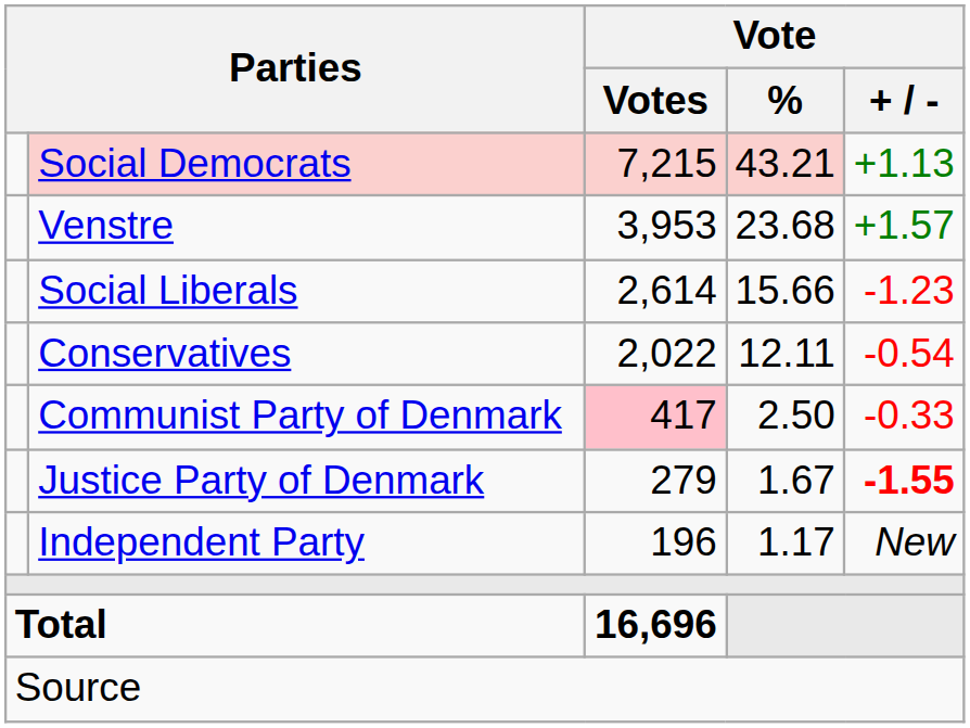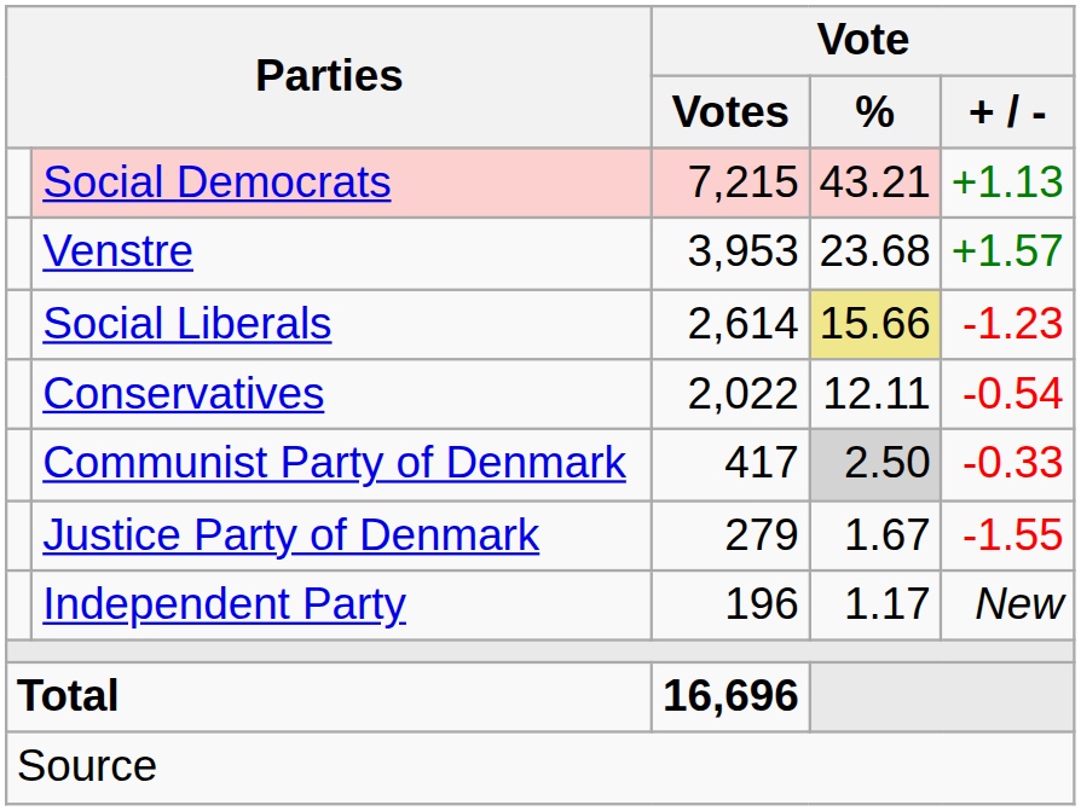 <table class="wikitable" style="text-align:right;">
 <tr>
 <th style="text-align:centre;" rowspan="2" colspan="2" width="225">Parties</th>
 <th colspan="3">Vote</th>
 </tr>
 <tr>
 <th width="15">Votes</th>
 <th width="15">%</th>
 <th width="15">+ / -</th>
 </tr>
 <tr>
 <td width="2" style="color:inherit;background:"></td>
 <td bgcolor=#fbd0ce  align="left"><a href='#'>Social Democrats</a></td>
 <td bgcolor=#fbd0ce>7,215</td>
 <td bgcolor=#fbd0ce>43.21</td>
 <td style=color:green;>+1.13</td>
 </tr>
 <tr>
 <td width="2" style="color:inherit;background:"></td>
 <td align="left"><a href='#'>Venstre</a></td>
 <td>3,953</td>
 <td>23.68</td>
 <td style=color:green;>+1.57</td>
 </tr>
 <tr>
 <td width="2" style="color:inherit;background:"></td>
 <td align="left"><a href='#'>Social Liberals</a></td>
 <td>2,614</td>
-<td>15.66</td>
+<td style="background: khaki;">15.66</td>
 <td style=color:red;>-1.23</td>
 </tr>
 <tr>
 <td width="2" style="color:inherit;background:"></td>
 <td align="left"><a href='#'>Conservatives</a></td>
 <td>2,022</td>
 <td>12.11</td>
 <td style=color:red;>-0.54</td>
 </tr>
 <tr>
 <td width="2" style="color:inherit;background:"></td>
 <td align="left"><a href='#'>Communist Party of Denmark</a></td>
-<td style="background: pink;">417</td>
-<td>2.50</td>
+<td>417</td>
+<td style="background: lightgrey;">2.50</td>
 <td style=color:red;>-0.33</td>
 </tr>
 <tr>
 <td width="2" style="color:inherit;background:"></td>
 <td align="left"><a href='#'>Justice Party of Denmark</a></td>
 <td>279</td>
 <td>1.67</td>
-<td style=color:red;><strong>-1.55</strong></td>
+<td style=color:red;>-1.55</td>
 </tr>
 <tr>
 <td width="2" style="color:inherit;background:"></td>
 <td align="left"><a href='#'>Independent Party</a></td>
 <td>196</td>
 <td>1.17</td>
 <td><em>New</em></td>
 </tr>
 <tr>
 <td colspan="7" bgcolor="#E9E9E9"></td>
 </tr>
 <tr>
 <td align="left" colspan="2"><strong>Total</strong></td>
 <td><strong>16,696</strong></td>
 <td bgcolor="#E9E9E9" colspan="2"></td>
 </tr>
 <tr>
 <td align="left" colspan="6">Source</td>
 </tr>
 </table>
